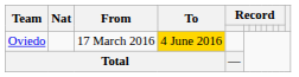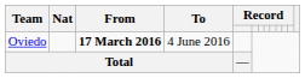 <table class="wikitable" style="text-align: center">
 <tr>
 <th rowspan="2">Team</th>
 <th rowspan="2">Nat</th>
 <th rowspan="2">From</th>
 <th rowspan="2">To</th>
 <th colspan="8">Record</th>
 <th rowspan=2></th>
 </tr>
 <tr>
 <th></th>
 <th></th>
 <th></th>
 <th></th>
 <th></th>
 <th></th>
 <th></th>
 <th></th>
 </tr>
 <tr>
 <td align=left><a href='#'>Oviedo</a></td>
 <td></td>
-<td align=left>17 March 2016</td>
-<td align=left style="background: gold;">4 June 2016<br></td>
+<td align=left><strong>17 March 2016</strong></td>
+<td align=left>4 June 2016<br></td>
 <td></td>
 </tr>
 <tr>
 <th colspan=4>Total<br></th>
 <th>—</th>
 </tr>
 </table>
